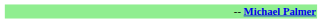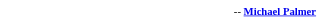 <table class="toccolours" style="float: right; margin-left: 2em; margin-right: 1em; font-size: 90%; width:30em; max-width: 40%;" cellspacing="5">
 <tr>
 <td style="text-align: left;"><br></td>
 </tr>
 <tr>
-<td style="background: lightgreen; text-align: right;">-- <strong><a href='#'>Michael Palmer</a></strong></td>
+<td style="text-align: right;">-- <strong><a href='#'>Michael Palmer</a></strong></td>
 </tr>
 </table>
